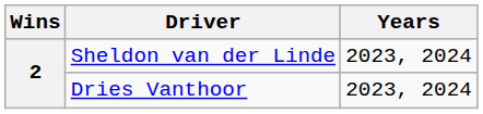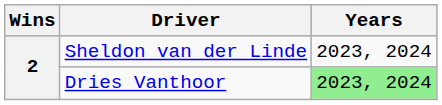 <table class="wikitable">
 <tr>
 <th>Wins</th>
 <th>Driver</th>
 <th>Years</th>
 </tr>
 <tr>
 <th rowspan="2">2</th>
 <td> <a href='#'>Sheldon van der Linde</a></td>
 <td>2023, 2024</td>
 </tr>
 <tr>
 <td> <a href='#'>Dries Vanthoor</a></td>
-<td>2023, 2024</td>
+<td style="background: lightgreen;">2023, 2024</td>
 </tr>
 </table>
